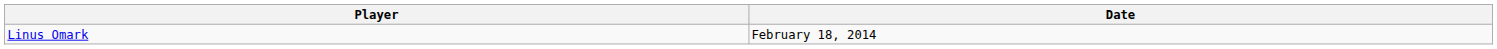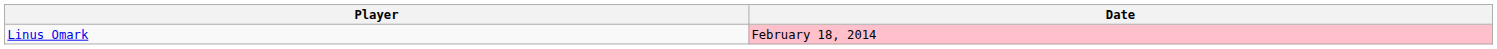 <table class="wikitable" style="width:100%;">
 <tr style="text-align:center; background:#ddd;">
 <th style="width:40%;">Player</th>
 <th style="width:40%;">Date</th>
 </tr>
 <tr>
 <td><a href='#'>Linus Omark</a></td>
-<td>February 18, 2014</td>
+<td style="background: pink;">February 18, 2014</td>
 </tr>
 </table>
